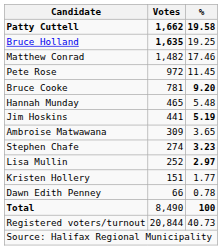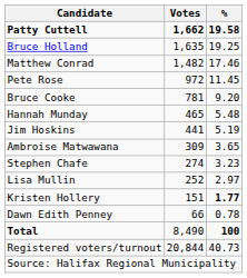 <table class=wikitable style=text-align:right>
 <tr>
 <th>Candidate</th>
 <th>Votes</th>
 <th>%</th>
 </tr>
 <tr>
 <td align=left><strong>Patty Cuttell</strong></td>
 <td><strong>1,662</strong></td>
 <td><strong>19.58</strong></td>
 </tr>
 <tr>
 <td align=left><a href='#'>Bruce Holland</a></td>
-<td><strong>1,635</strong></td>
+<td>1,635</td>
 <td>19.25</td>
 </tr>
 <tr>
 <td align=left>Matthew Conrad</td>
 <td>1,482</td>
 <td>17.46</td>
 </tr>
 <tr>
 <td align=left>Pete Rose</td>
 <td>972</td>
 <td>11.45</td>
 </tr>
 <tr>
 <td align=left>Bruce Cooke</td>
 <td>781</td>
-<td><strong>9.20</strong></td>
+<td>9.20</td>
 </tr>
 <tr>
 <td align=left>Hannah Munday</td>
 <td>465</td>
 <td>5.48</td>
 </tr>
 <tr>
 <td align=left>Jim Hoskins</td>
 <td>441</td>
-<td><strong>5.19</strong></td>
+<td>5.19</td>
 </tr>
 <tr>
 <td align=left>Ambroise Matwawana</td>
 <td>309</td>
 <td>3.65</td>
 </tr>
 <tr>
 <td align=left>Stephen Chafe</td>
 <td>274</td>
-<td><strong>3.23</strong></td>
+<td>3.23</td>
 </tr>
 <tr>
 <td align=left>Lisa Mullin</td>
 <td>252</td>
-<td><strong>2.97</strong></td>
+<td>2.97</td>
 </tr>
 <tr>
 <td align=left>Kristen Hollery</td>
 <td>151</td>
-<td>1.77</td>
+<td><strong>1.77</strong></td>
 </tr>
 <tr>
 <td align=left>Dawn Edith Penney</td>
 <td>66</td>
 <td>0.78</td>
 </tr>
 <tr>
 <td align=left><strong>Total</strong></td>
 <td>8,490</td>
 <td><strong>100</strong></td>
 </tr>
 <tr>
 <td align=left>Registered voters/turnout</td>
 <td>20,844</td>
 <td>40.73</td>
 </tr>
 <tr>
 <td align=left colspan=3>Source: Halifax Regional Municipality</td>
 </tr>
 </table>
